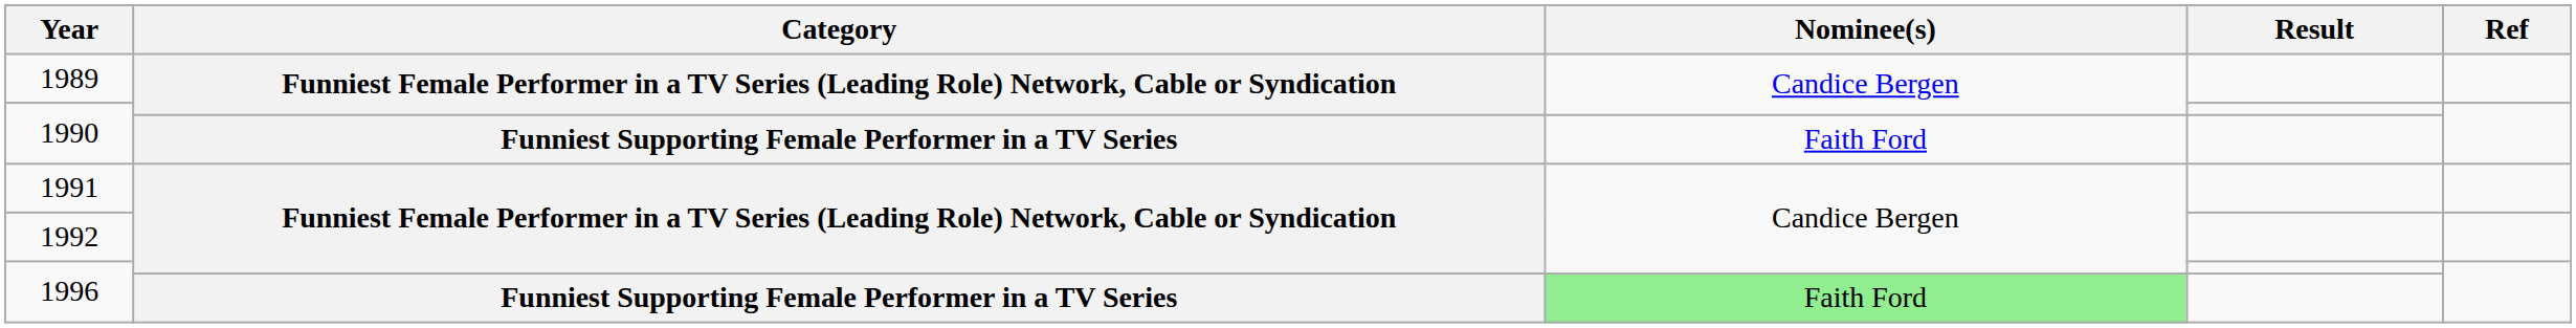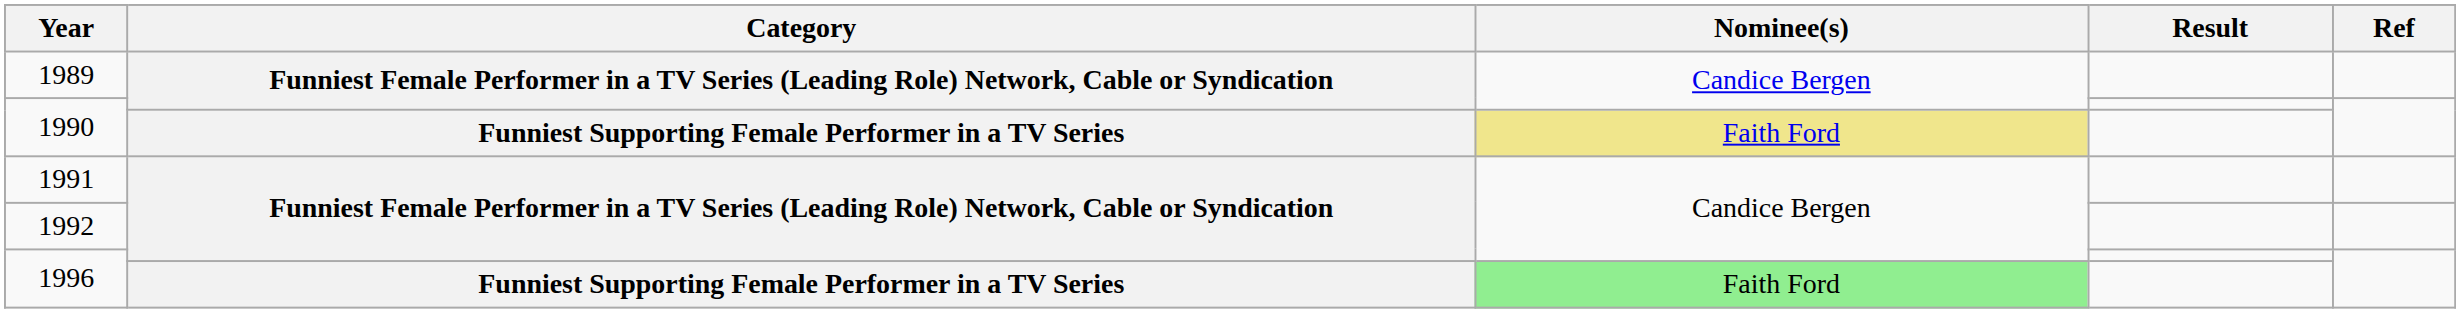 <table class="wikitable plainrowheaders" style="font-size: 90%; text-align:center" width=100%>
 <tr>
 <th scope="col" width="5%">Year</th>
 <th scope="col" width="55%">Category</th>
 <th scope="col" width="25%">Nominee(s)</th>
 <th scope="col" width="10%">Result</th>
 <th scope="col" width="5%">Ref</th>
 </tr>
 <tr>
 <td>1989</td>
 <th scope="row" style="text-align:center" rowspan="2">Funniest Female Performer in a TV Series (Leading Role) Network, Cable or Syndication</th>
 <td rowspan="2"><a href='#'>Candice Bergen</a></td>
 <td></td>
 <td></td>
 </tr>
 <tr>
 <td rowspan="2">1990</td>
 <td></td>
 <td rowspan="2"></td>
 </tr>
 <tr>
 <th scope="row" style="text-align:center">Funniest Supporting Female Performer in a TV Series</th>
-<td><a href='#'>Faith Ford</a></td>
+<td style="background: khaki;"><a href='#'>Faith Ford</a></td>
 <td></td>
 </tr>
 <tr>
 <td>1991</td>
 <th scope="row" style="text-align:center" rowspan="3">Funniest Female Performer in a TV Series (Leading Role) Network, Cable or Syndication</th>
 <td rowspan="3">Candice Bergen</td>
 <td></td>
 <td></td>
 </tr>
 <tr>
 <td>1992</td>
 <td></td>
 <td></td>
 </tr>
 <tr>
 <td rowspan="2">1996</td>
 <td></td>
 <td rowspan="2"></td>
 </tr>
 <tr>
 <th scope="row" style="text-align:center">Funniest Supporting Female Performer in a TV Series</th>
 <td style="background: lightgreen;">Faith Ford</td>
 <td></td>
 </tr>
 </table>
